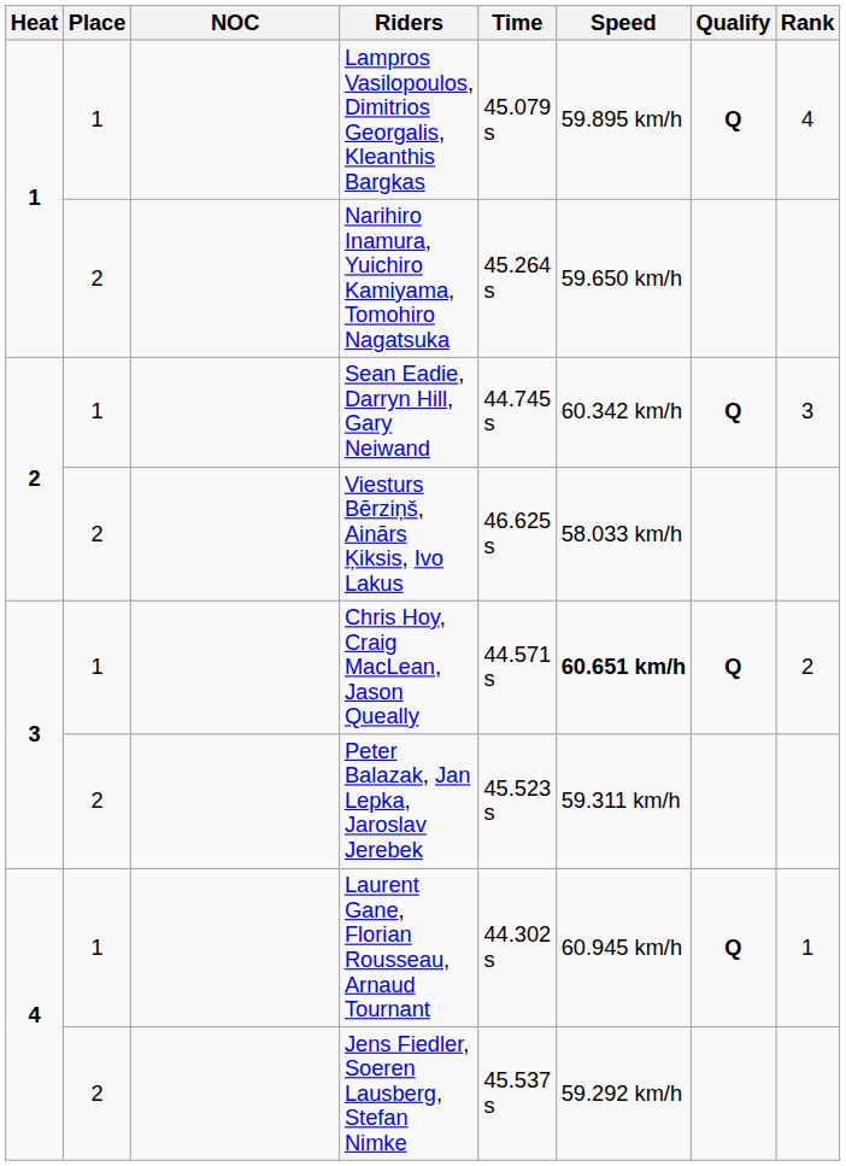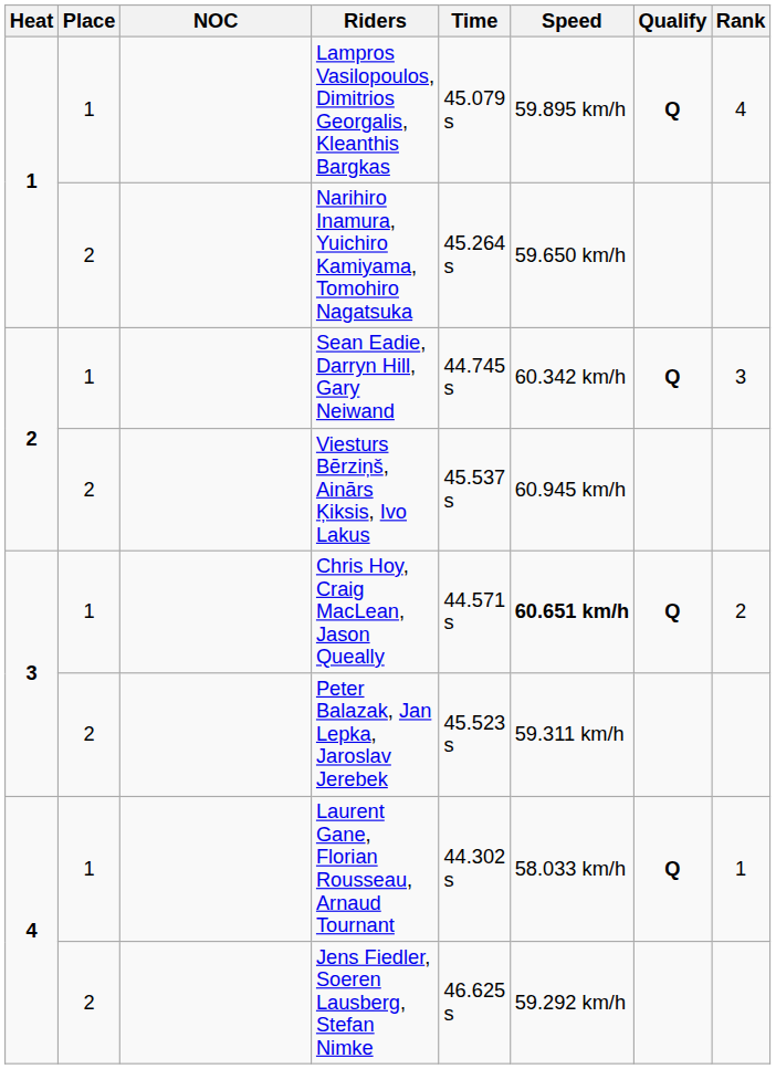 <table class="wikitable">
 <tr>
 <th>Heat</th>
 <th>Place</th>
 <th style="width:10em">NOC</th>
 <th>Riders</th>
 <th>Time</th>
 <th>Speed</th>
 <th>Qualify</th>
 <th>Rank</th>
 </tr>
 <tr>
 <td rowspan=2 align=center><strong>1</strong></td>
 <td align=center>1</td>
 <td></td>
 <td><a href='#'>Lampros Vasilopoulos</a>, <a href='#'>Dimitrios Georgalis</a>, <a href='#'>Kleanthis Bargkas</a></td>
 <td>45.079 s</td>
 <td>59.895 km/h</td>
 <td align=center><strong>Q</strong></td>
 <td align=center>4</td>
 </tr>
 <tr>
 <td align=center>2</td>
 <td></td>
 <td><a href='#'>Narihiro Inamura</a>, <a href='#'>Yuichiro Kamiyama</a>, <a href='#'>Tomohiro Nagatsuka</a></td>
 <td>45.264 s</td>
 <td>59.650 km/h</td>
 <td align=center></td>
 <td align=center></td>
 </tr>
 <tr>
 <td rowspan=2 align=center><strong>2</strong></td>
 <td align=center>1</td>
 <td></td>
 <td><a href='#'>Sean Eadie</a>, <a href='#'>Darryn Hill</a>, <a href='#'>Gary Neiwand</a></td>
 <td>44.745 s</td>
 <td>60.342 km/h</td>
 <td align=center><strong>Q</strong></td>
 <td align=center>3</td>
 </tr>
 <tr>
 <td align=center>2</td>
 <td></td>
 <td><a href='#'>Viesturs Bērziņš</a>, <a href='#'>Ainārs Ķiksis</a>, <a href='#'>Ivo Lakus</a></td>
-<td>46.625 s</td>
-<td>58.033 km/h</td>
+<td>45.537 s</td>
+<td>60.945 km/h</td>
 <td align=center></td>
 <td align=center></td>
 </tr>
 <tr>
 <td rowspan=2 align=center><strong>3</strong></td>
 <td align=center>1</td>
 <td></td>
 <td><a href='#'>Chris Hoy</a>, <a href='#'>Craig MacLean</a>, <a href='#'>Jason Queally</a></td>
 <td>44.571 s</td>
 <td><strong>60.651 km/h</strong></td>
 <td align=center><strong>Q</strong></td>
 <td align=center>2</td>
 </tr>
 <tr>
 <td align=center>2</td>
 <td></td>
 <td><a href='#'>Peter Balazak</a>, <a href='#'>Jan Lepka</a>, <a href='#'>Jaroslav Jerebek</a></td>
 <td>45.523 s</td>
 <td>59.311 km/h</td>
 <td align=center></td>
 <td align=center></td>
 </tr>
 <tr>
 <td rowspan=2 align=center><strong>4</strong></td>
 <td align=center>1</td>
 <td></td>
 <td><a href='#'>Laurent Gane</a>, <a href='#'>Florian Rousseau</a>, <a href='#'>Arnaud Tournant</a></td>
 <td>44.302 s</td>
-<td>60.945 km/h</td>
+<td>58.033 km/h</td>
 <td align=center><strong>Q</strong></td>
 <td align=center>1</td>
 </tr>
 <tr>
 <td align=center>2</td>
 <td></td>
 <td><a href='#'>Jens Fiedler</a>, <a href='#'>Soeren Lausberg</a>, <a href='#'>Stefan Nimke</a></td>
-<td>45.537 s</td>
+<td>46.625 s</td>
 <td>59.292 km/h</td>
 <td align=center></td>
 <td align=center></td>
 </tr>
 </table>
